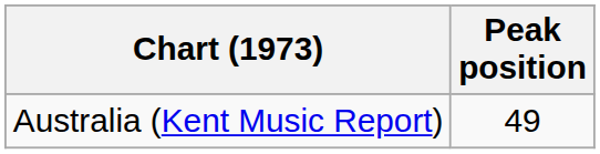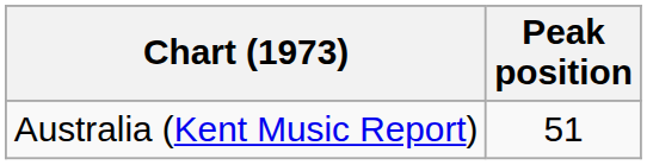 <table class="wikitable">
 <tr>
 <th scope="col">Chart (1973)</th>
 <th>Peak<br>position</th>
 </tr>
 <tr>
 <td>Australia (<a href='#'>Kent Music Report</a>)</td>
-<td style="text-align:center;">49</td>
+<td style="text-align:center;">51</td>
 </tr>
 </table>
